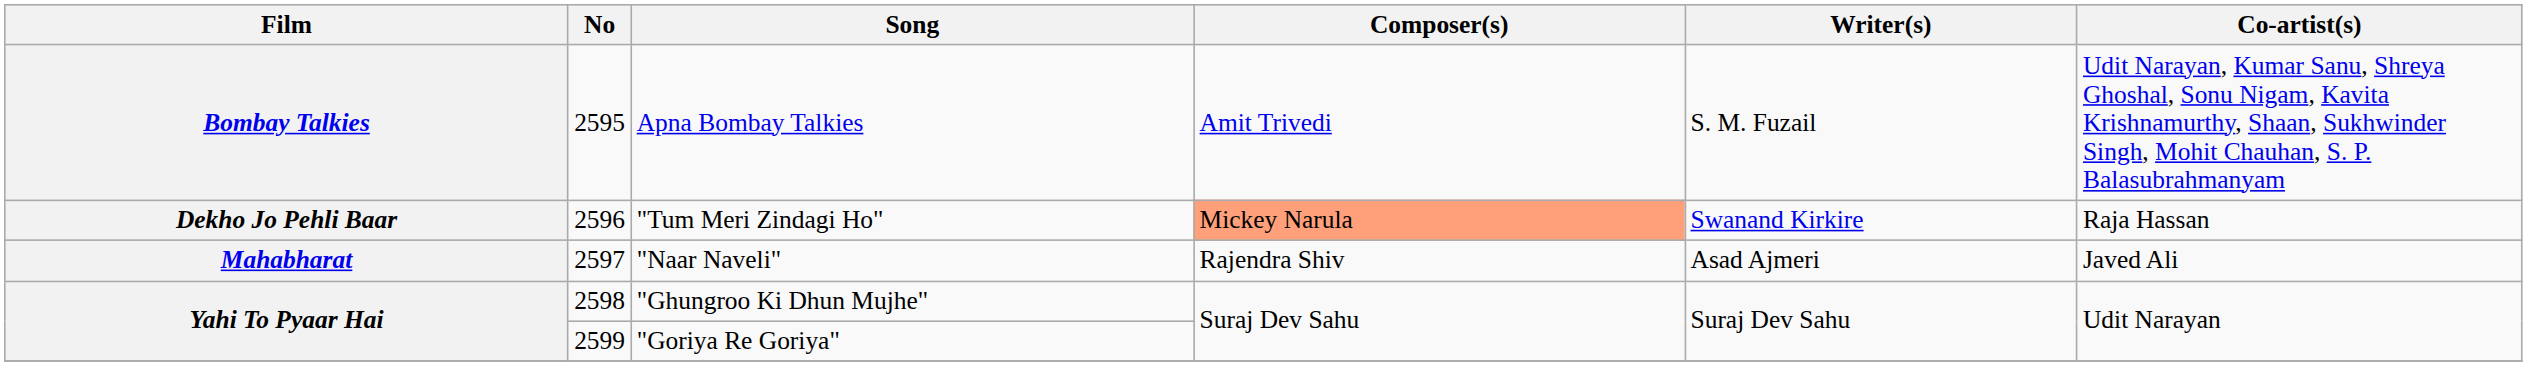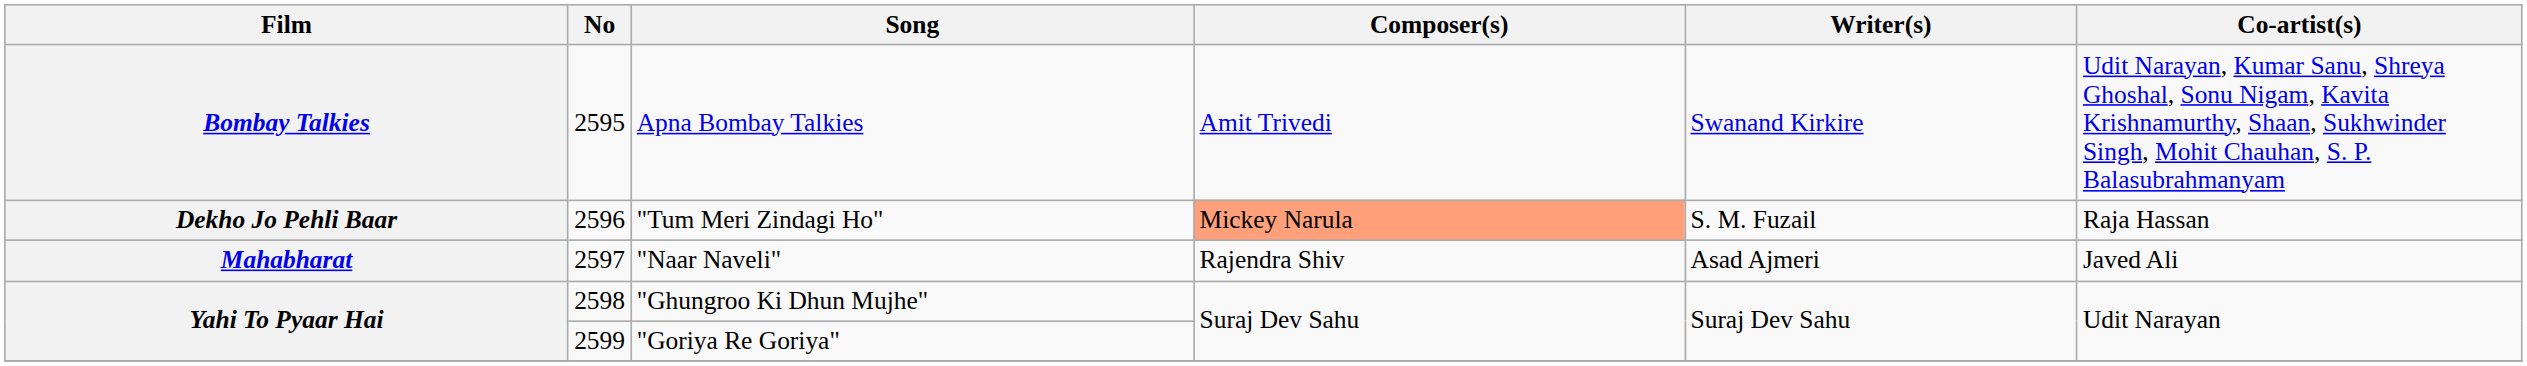 <table class="wikitable plainrowheaders" width="100%" textcolor:#000;">
 <tr style="background:#b0e0e66;">
 <th scope="col" width=23%><strong>Film</strong></th>
 <th><strong>No</strong></th>
 <th scope="col" width=23%><strong>Song</strong></th>
 <th scope="col" width=20%><strong>Composer(s)</strong></th>
 <th scope="col" width=16%><strong>Writer(s)</strong></th>
 <th scope="col" width=18%><strong>Co-artist(s)</strong></th>
 </tr>
 <tr>
 <th><em><a href='#'>Bombay Talkies</a></em></th>
 <td>2595</td>
 <td><a href='#'>Apna Bombay Talkies</a></td>
 <td><a href='#'>Amit Trivedi</a></td>
-<td>S. M. Fuzail</td>
+<td><a href='#'>Swanand Kirkire</a></td>
 <td><a href='#'>Udit Narayan</a>, <a href='#'>Kumar Sanu</a>, <a href='#'>Shreya Ghoshal</a>, <a href='#'>Sonu Nigam</a>, <a href='#'>Kavita Krishnamurthy</a>, <a href='#'>Shaan</a>, <a href='#'>Sukhwinder Singh</a>, <a href='#'>Mohit Chauhan</a>, <a href='#'>S. P. Balasubrahmanyam</a></td>
 </tr>
 <tr>
 <th><em>Dekho Jo Pehli Baar</em></th>
 <td>2596</td>
 <td>"Tum Meri Zindagi Ho"</td>
 <td style="background: lightsalmon;">Mickey Narula</td>
-<td><a href='#'>Swanand Kirkire</a></td>
+<td>S. M. Fuzail</td>
 <td>Raja Hassan</td>
 </tr>
 <tr>
 <th><em><a href='#'>Mahabharat</a></em></th>
 <td>2597</td>
 <td>"Naar Naveli"</td>
 <td>Rajendra Shiv</td>
 <td>Asad Ajmeri</td>
 <td>Javed Ali</td>
 </tr>
 <tr>
 <th rowspan=2><em>Yahi To Pyaar Hai</em></th>
 <td>2598</td>
 <td>"Ghungroo Ki Dhun Mujhe"</td>
 <td rowspan=2>Suraj Dev Sahu</td>
 <td rowspan=2>Suraj Dev Sahu</td>
 <td rowspan=2>Udit Narayan</td>
 </tr>
 <tr>
 <td>2599</td>
 <td>"Goriya Re Goriya"</td>
 </tr>
 <tr>
 </tr>
 </table>
